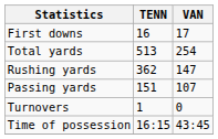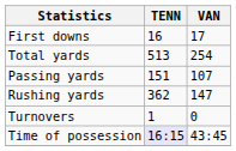 <table class="wikitable" style="float: left;">
 <tr>
 <th>Statistics</th>
 <th>TENN</th>
 <th>VAN</th>
 </tr>
 <tr>
 <td>First downs</td>
 <td>16</td>
 <td>17</td>
 </tr>
 <tr>
 <td>Total yards</td>
 <td>513</td>
 <td>254</td>
 </tr>
 <tr>
+<td>Passing yards</td>
+<td>151</td>
+<td>107</td>
+</tr>
+<tr>
 <td>Rushing yards</td>
 <td>362</td>
 <td>147</td>
-</tr>
-<tr>
-<td>Passing yards</td>
-<td>151</td>
-<td>107</td>
 </tr>
 <tr>
 <td>Turnovers</td>
 <td>1</td>
 <td>0</td>
 </tr>
 <tr>
 <td>Time of possession</td>
-<td>16:15</td>
+<td style="background: lavender;">16:15</td>
 <td>43:45</td>
 </tr>
 <tr>
 </tr>
 </table>
